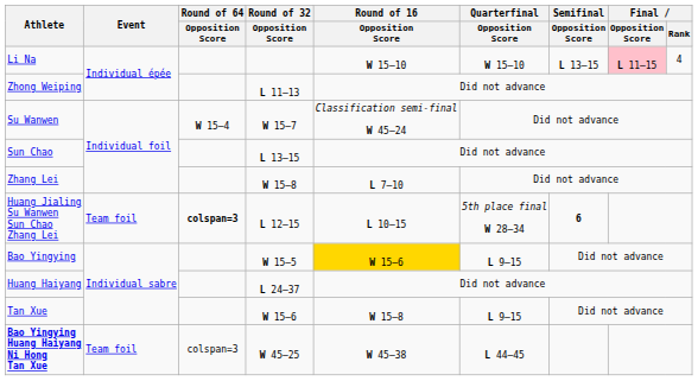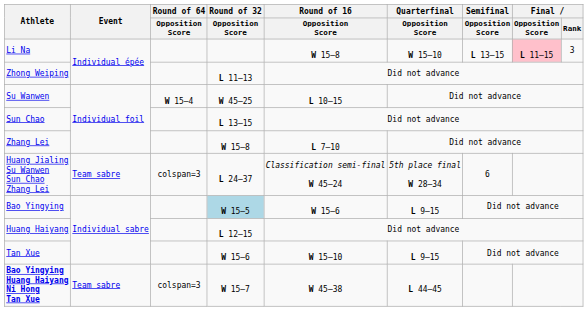 <table class="wikitable" style="font-size:90%">
 <tr>
 <th rowspan="2">Athlete</th>
 <th rowspan="2">Event</th>
 <th>Round of 64</th>
 <th>Round of 32</th>
 <th>Round of 16</th>
 <th>Quarterfinal</th>
 <th>Semifinal</th>
 <th colspan=2>Final / </th>
 </tr>
 <tr style="font-size:95%">
 <th>Opposition <br> Score</th>
 <th>Opposition <br> Score</th>
 <th>Opposition <br> Score</th>
 <th>Opposition <br> Score</th>
 <th>Opposition <br> Score</th>
 <th>Opposition <br> Score</th>
 <th>Rank</th>
 </tr>
 <tr align=center>
 <td align=left><a href='#'>Li Na</a></td>
 <td align=left rowspan=2><a href='#'>Individual épée</a></td>
 <td></td>
 <td></td>
-<td><br><strong>W</strong> 15–10</td>
+<td><br><strong>W</strong> 15–8</td>
 <td><br><strong>W</strong> 15–10</td>
 <td><br><strong>L</strong> 13–15</td>
 <td style="background: pink;"><br><strong>L</strong> 11–15</td>
-<td>4</td>
+<td>3</td>
 </tr>
 <tr align=center>
 <td align=left><a href='#'>Zhong Weiping</a></td>
 <td></td>
 <td><br><strong>L</strong> 11–13</td>
 <td colspan=5>Did not advance</td>
 </tr>
 <tr align=center>
 <td align=left><a href='#'>Su Wanwen</a></td>
 <td align=left rowspan=3><a href='#'>Individual foil</a></td>
 <td><br><strong>W</strong> 15–4</td>
-<td><br><strong>W</strong> 15–7</td>
-<td><em>Classification semi-final</em><br><br><strong>W</strong> 45–24</td>
+<td><br><strong>W</strong> 45–25</td>
+<td><br><strong>L</strong> 10–15</td>
 <td colspan=4>Did not advance</td>
 </tr>
 <tr align=center>
 <td align=left><a href='#'>Sun Chao</a></td>
 <td></td>
 <td><br><strong>L</strong> 13–15</td>
 <td colspan=5>Did not advance</td>
 </tr>
 <tr align=center>
 <td align=left><a href='#'>Zhang Lei</a></td>
 <td></td>
 <td><br><strong>W</strong> 15–8</td>
 <td><br><strong>L</strong> 7–10</td>
 <td colspan=4>Did not advance</td>
 </tr>
 <tr align=center>
 <td align=left><a href='#'>Huang Jialing</a><br><a href='#'>Su Wanwen</a><br><a href='#'>Sun Chao</a><br><a href='#'>Zhang Lei</a></td>
-<td align=left><a href='#'>Team foil</a></td>
-<td><strong>colspan=3 </strong></td>
-<td><br><strong>L</strong> 12–15</td>
-<td><br><strong>L</strong> 10–15</td>
+<td align=left><a href='#'>Team sabre</a></td>
+<td>colspan=3 </td>
+<td><br><strong>L</strong> 24–37</td>
+<td><em>Classification semi-final</em><br><br><strong>W</strong> 45–24</td>
 <td><em>5th place final</em><br><br><strong>W</strong> 28–34</td>
-<td><strong>6</strong></td>
+<td>6</td>
 </tr>
 <tr align=center>
 <td align=left><a href='#'>Bao Yingying</a></td>
 <td align=left rowspan=3><a href='#'>Individual sabre</a></td>
 <td></td>
-<td><br><strong>W</strong> 15–5</td>
-<td style="background: gold;"><br><strong>W</strong> 15–6</td>
+<td style="background: lightblue;"><br><strong>W</strong> 15–5</td>
+<td><br><strong>W</strong> 15–6</td>
 <td><br><strong>L</strong> 9–15</td>
 <td colspan=3>Did not advance</td>
 </tr>
 <tr align=center>
 <td align=left><a href='#'>Huang Haiyang</a></td>
 <td></td>
-<td><br><strong>L</strong> 24–37</td>
+<td><br><strong>L</strong> 12–15</td>
 <td colspan=5>Did not advance</td>
 </tr>
 <tr align=center>
 <td align=left><a href='#'>Tan Xue</a></td>
 <td></td>
 <td><br><strong>W</strong> 15–6</td>
-<td><br><strong>W</strong> 15–8</td>
+<td><br><strong>W</strong> 15–10</td>
 <td><br><strong>L</strong> 9–15</td>
 <td colspan=3>Did not advance</td>
 </tr>
 <tr align=center>
 <td align=left><strong><a href='#'>Bao Yingying</a></strong><br><strong><a href='#'>Huang Haiyang</a></strong><br><strong><a href='#'>Ni Hong</a></strong><br><strong><a href='#'>Tan Xue</a></strong></td>
-<td align=left><a href='#'>Team foil</a></td>
+<td align=left><a href='#'>Team sabre</a></td>
 <td>colspan=3 </td>
-<td><br><strong>W</strong> 45–25</td>
+<td><br><strong>W</strong> 15–7</td>
 <td><br><strong>W</strong> 45–38</td>
 <td><br><strong>L</strong> 44–45</td>
 <td></td>
 </tr>
 </table>
